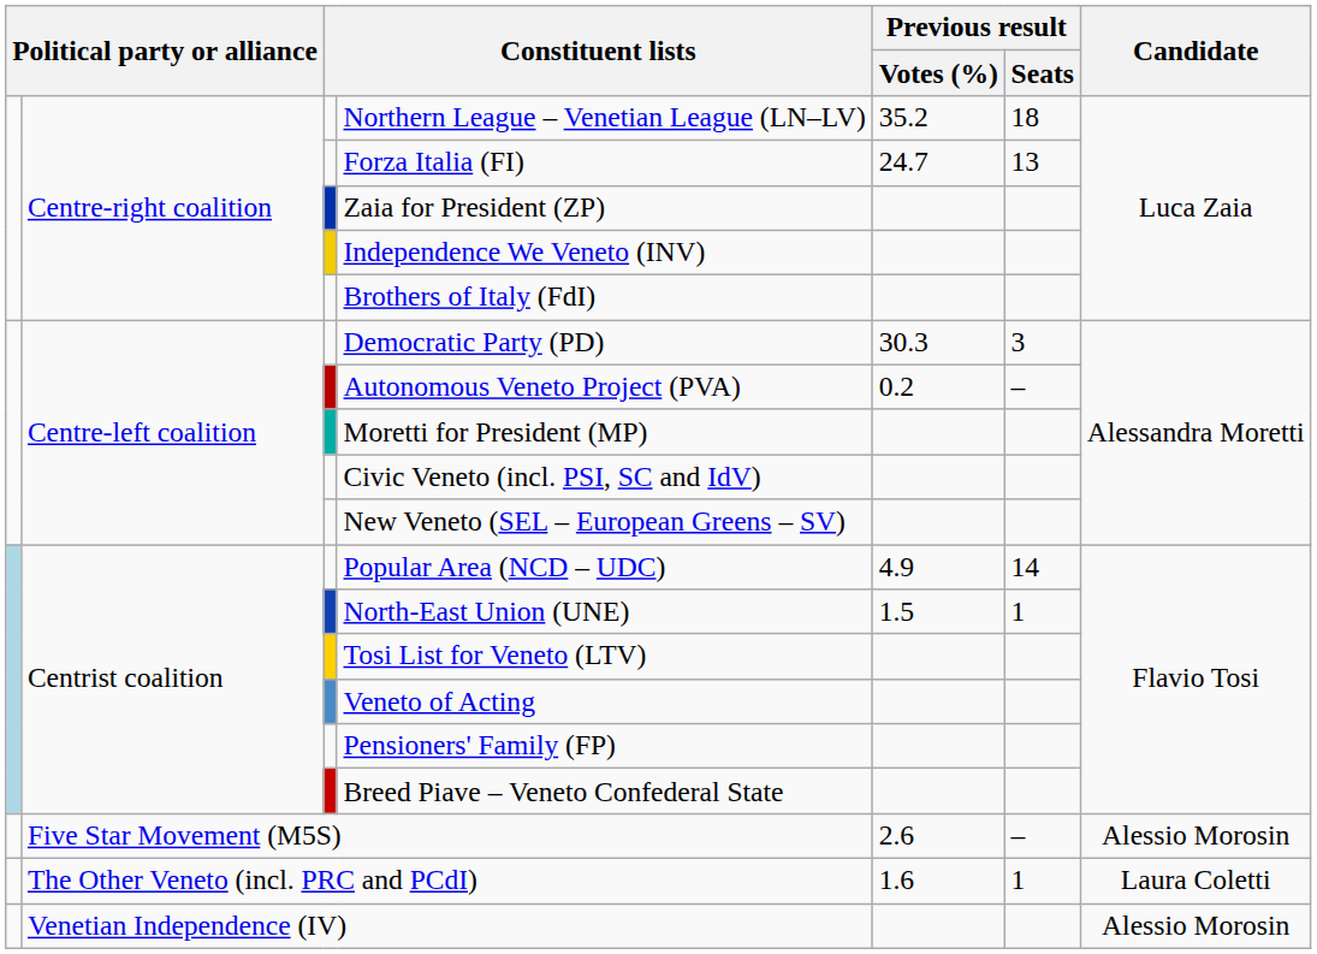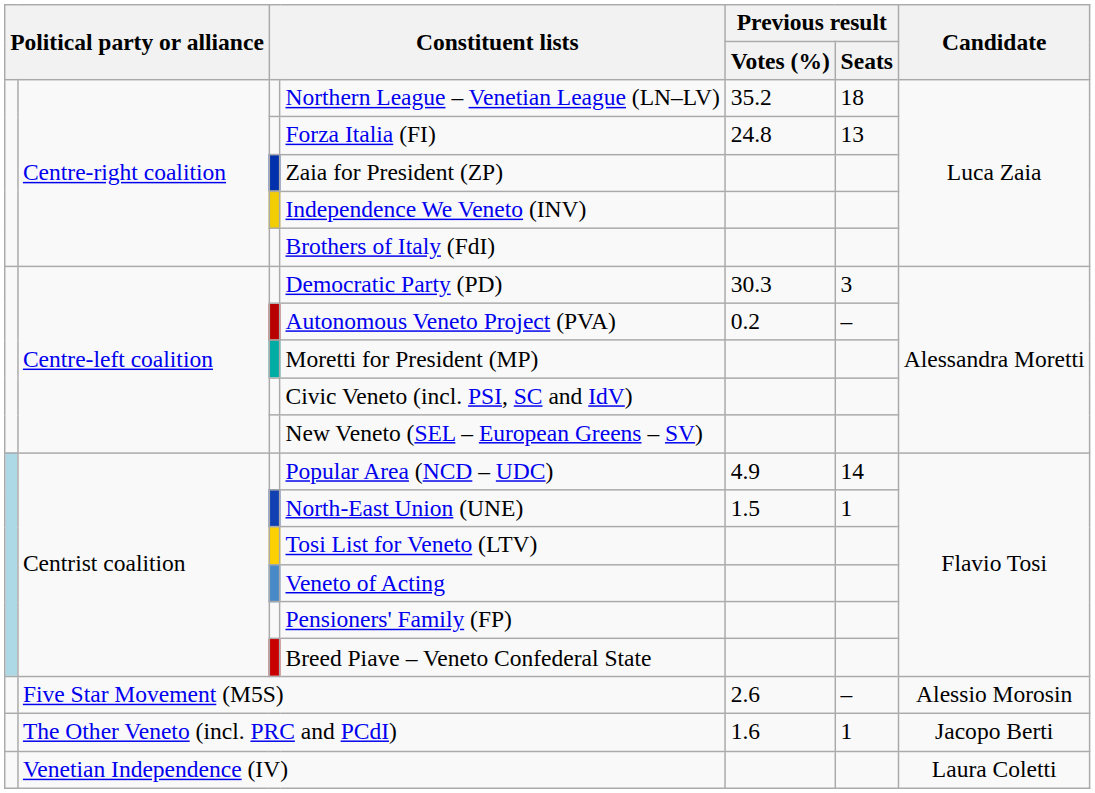 <table class="wikitable" style="text-align:left">
 <tr>
 <th colspan=2 rowspan="2">Political party or alliance</th>
 <th colspan=2 rowspan="2">Constituent lists</th>
 <th colspan="2">Previous result</th>
 <th rowspan="2">Candidate</th>
 </tr>
 <tr>
 <th>Votes (%)</th>
 <th>Seats</th>
 </tr>
 <tr>
 <td rowspan="5" style="background:"></td>
 <td rowspan=5><a href='#'>Centre-right coalition</a></td>
 <td></td>
 <td style="text-align:left;"><a href='#'>Northern League</a> – <a href='#'>Venetian League</a> (LN–LV)</td>
 <td>35.2</td>
 <td>18</td>
 <td rowspan="5" style="text-align:center;">Luca Zaia</td>
 </tr>
 <tr>
 <td></td>
 <td style="text-align:left;"><a href='#'>Forza Italia</a> (FI)</td>
-<td>24.7</td>
+<td>24.8</td>
 <td>13</td>
 </tr>
 <tr>
 <td bgcolor="#0030AB"></td>
 <td style="text-align:left;">Zaia for President (ZP)</td>
 <td></td>
 <td></td>
 </tr>
 <tr>
 <td bgcolor="#F2CD01"></td>
 <td style="text-align:left;"><a href='#'>Independence We Veneto</a> (INV)</td>
 <td></td>
 <td></td>
 </tr>
 <tr>
 <td></td>
 <td style="text-align:left;"><a href='#'>Brothers of Italy</a> (FdI)</td>
 <td></td>
 <td></td>
 </tr>
 <tr>
 <td rowspan="5"></td>
 <td rowspan=5><a href='#'>Centre-left coalition</a></td>
 <td></td>
 <td style="text-align:left;"><a href='#'>Democratic Party</a> (PD)</td>
 <td>30.3</td>
 <td>3</td>
 <td rowspan="5" style="text-align:center;">Alessandra Moretti</td>
 </tr>
 <tr>
 <td bgcolor="#b80000"></td>
 <td align="left"><a href='#'>Autonomous Veneto Project</a> (PVA)</td>
 <td>0.2</td>
 <td>–</td>
 </tr>
 <tr>
 <td bgcolor="#00ADA4"></td>
 <td style="text-align:left;">Moretti for President (MP)</td>
 <td></td>
 <td></td>
 </tr>
 <tr>
 <td></td>
 <td style="text-align:left;">Civic Veneto (incl. <a href='#'>PSI</a>, <a href='#'>SC</a> and <a href='#'>IdV</a>)</td>
 <td></td>
 <td></td>
 </tr>
 <tr>
 <td></td>
 <td style="text-align:left;">New Veneto (<a href='#'>SEL</a> – <a href='#'>European Greens</a> – <a href='#'>SV</a>)</td>
 <td></td>
 <td></td>
 </tr>
 <tr>
 <td rowspan="6" style="background:lightblue"></td>
 <td rowspan=6>Centrist coalition</td>
 <td></td>
 <td style="text-align:left;"><a href='#'>Popular Area</a> (<a href='#'>NCD</a> – <a href='#'>UDC</a>)</td>
 <td>4.9</td>
 <td>14</td>
 <td rowspan="6" style="text-align:center;">Flavio Tosi</td>
 </tr>
 <tr>
 <td bgcolor="#1140B3"></td>
 <td style="text-align:left;"><a href='#'>North-East Union</a> (UNE)</td>
 <td>1.5</td>
 <td>1</td>
 </tr>
 <tr>
 <td bgcolor="#FFD000"></td>
 <td style="text-align:left;"><a href='#'>Tosi List for Veneto</a> (LTV)</td>
 <td></td>
 <td></td>
 </tr>
 <tr>
 <td bgcolor="#488AC7"></td>
 <td style="text-align:left;"><a href='#'>Veneto of Acting</a></td>
 <td></td>
 <td></td>
 </tr>
 <tr>
 <td></td>
 <td style="text-align:left;"><a href='#'>Pensioners' Family</a> (FP)</td>
 <td></td>
 <td></td>
 </tr>
 <tr>
 <td bgcolor="#C80000"></td>
 <td style="text-align:left;">Breed Piave – Veneto Confederal State</td>
 <td></td>
 <td></td>
 </tr>
 <tr>
 <td style="background-color:"></td>
 <td colspan="3"><a href='#'>Five Star Movement</a> (M5S)</td>
 <td>2.6</td>
 <td>–</td>
 <td style="text-align:center;">Alessio Morosin</td>
 </tr>
 <tr>
 <td></td>
 <td colspan="3"><a href='#'>The Other Veneto</a> (incl. <a href='#'>PRC</a> and <a href='#'>PCdI</a>)</td>
 <td>1.6</td>
 <td>1</td>
-<td style="text-align:center;">Laura Coletti</td>
+<td style="text-align:center;">Jacopo Berti</td>
 </tr>
 <tr>
 <td style="background-color:"></td>
 <td colspan="3"><a href='#'>Venetian Independence</a> (IV)</td>
 <td></td>
 <td></td>
-<td style="text-align:center;">Alessio Morosin</td>
+<td style="text-align:center;">Laura Coletti</td>
 </tr>
 </table>
